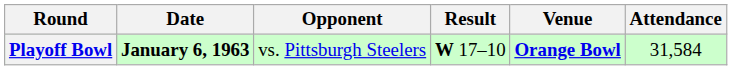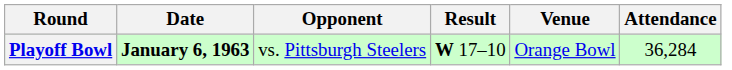 <table class="wikitable" style="text-align:center">
 <tr>
 <th>Round</th>
 <th>Date</th>
 <th>Opponent</th>
 <th>Result</th>
 <th>Venue</th>
 <th>Attendance</th>
 </tr>
 <tr style="background:#cfc">
 <th><a href='#'>Playoff Bowl</a></th>
 <td><strong>January 6, 1963</strong></td>
 <td>vs. <a href='#'>Pittsburgh Steelers</a></td>
 <td><strong>W</strong> 17–10</td>
-<td><strong><a href='#'>Orange Bowl</a></strong></td>
-<td>31,584</td>
+<td><a href='#'>Orange Bowl</a></td>
+<td>36,284</td>
 </tr>
 </table>
